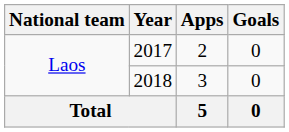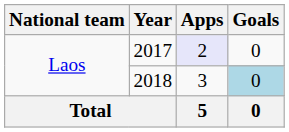 <table class="wikitable" style="text-align:center">
 <tr>
 <th>National team</th>
 <th>Year</th>
 <th>Apps</th>
 <th>Goals</th>
 </tr>
 <tr>
 <td rowspan="2"><a href='#'>Laos</a></td>
 <td>2017</td>
-<td>2</td>
+<td style="background: lavender;">2</td>
 <td>0</td>
 </tr>
 <tr>
 <td>2018</td>
 <td>3</td>
-<td>0</td>
+<td style="background: lightblue;">0</td>
 </tr>
 <tr>
 <th colspan=2>Total</th>
 <th>5</th>
 <th>0</th>
 </tr>
 </table>
